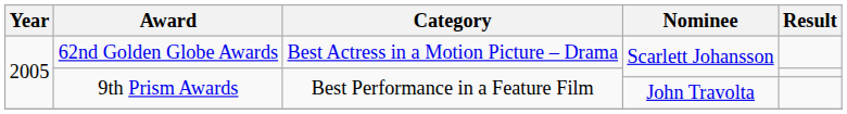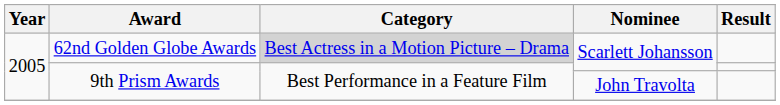 <table class="wikitable sortable plainrowheaders" style="text-align:center;">
 <tr>
 <th>Year</th>
 <th>Award</th>
 <th>Category</th>
 <th>Nominee</th>
 <th>Result</th>
 </tr>
 <tr>
 <td rowspan="3">2005</td>
 <td><a href='#'>62nd Golden Globe Awards</a></td>
-<td><a href='#'>Best Actress in a Motion Picture – Drama</a></td>
+<td style="background: lightgrey;"><a href='#'>Best Actress in a Motion Picture – Drama</a></td>
 <td rowspan="2"><a href='#'>Scarlett Johansson</a></td>
 <td></td>
 </tr>
 <tr>
 <td rowspan="2">9th <a href='#'>Prism Awards</a></td>
 <td rowspan="2">Best Performance in a Feature Film</td>
 <td></td>
 </tr>
 <tr>
 <td><a href='#'>John Travolta</a></td>
 <td></td>
 </tr>
 <tr>
 </tr>
 </table>
